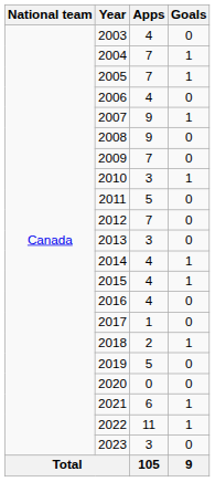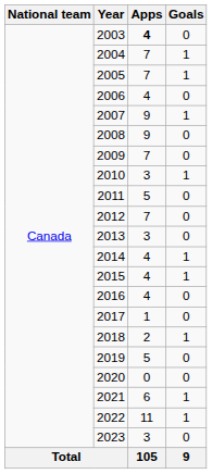 <table class="wikitable" style="text-align:center">
 <tr>
 <th>National team</th>
 <th>Year</th>
 <th>Apps</th>
 <th>Goals</th>
 </tr>
 <tr>
 <td rowspan="21"><a href='#'>Canada</a></td>
 <td>2003</td>
-<td>4</td>
+<td><strong>4</strong></td>
 <td>0</td>
 </tr>
 <tr>
 <td>2004</td>
 <td>7</td>
 <td>1</td>
 </tr>
 <tr>
 <td>2005</td>
 <td>7</td>
 <td>1</td>
 </tr>
 <tr>
 <td>2006</td>
 <td>4</td>
 <td>0</td>
 </tr>
 <tr>
 <td>2007</td>
 <td>9</td>
 <td>1</td>
 </tr>
 <tr>
 <td>2008</td>
 <td>9</td>
 <td>0</td>
 </tr>
 <tr>
 <td>2009</td>
 <td>7</td>
 <td>0</td>
 </tr>
 <tr>
 <td>2010</td>
 <td>3</td>
 <td>1</td>
 </tr>
 <tr>
 <td>2011</td>
 <td>5</td>
 <td>0</td>
 </tr>
 <tr>
 <td>2012</td>
 <td>7</td>
 <td>0</td>
 </tr>
 <tr>
 <td>2013</td>
 <td>3</td>
 <td>0</td>
 </tr>
 <tr>
 <td>2014</td>
 <td>4</td>
 <td>1</td>
 </tr>
 <tr>
 <td>2015</td>
 <td>4</td>
 <td>1</td>
 </tr>
 <tr>
 <td>2016</td>
 <td>4</td>
 <td>0</td>
 </tr>
 <tr>
 <td>2017</td>
 <td>1</td>
 <td>0</td>
 </tr>
 <tr>
 <td>2018</td>
 <td>2</td>
 <td>1</td>
 </tr>
 <tr>
 <td>2019</td>
 <td>5</td>
 <td>0</td>
 </tr>
 <tr>
 <td>2020</td>
 <td>0</td>
 <td>0</td>
 </tr>
 <tr>
 <td>2021</td>
 <td>6</td>
 <td>1</td>
 </tr>
 <tr>
 <td>2022</td>
 <td>11</td>
 <td>1</td>
 </tr>
 <tr>
 <td>2023</td>
 <td>3</td>
 <td>0</td>
 </tr>
 <tr>
 <th colspan="2">Total</th>
 <th>105</th>
 <th>9</th>
 </tr>
 </table>
